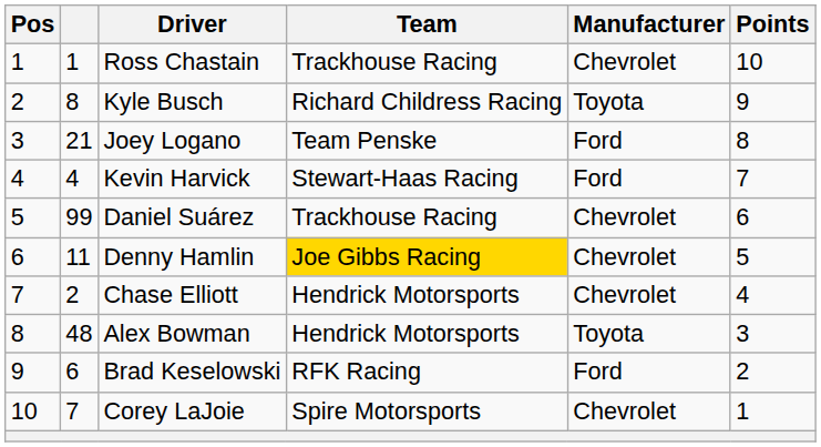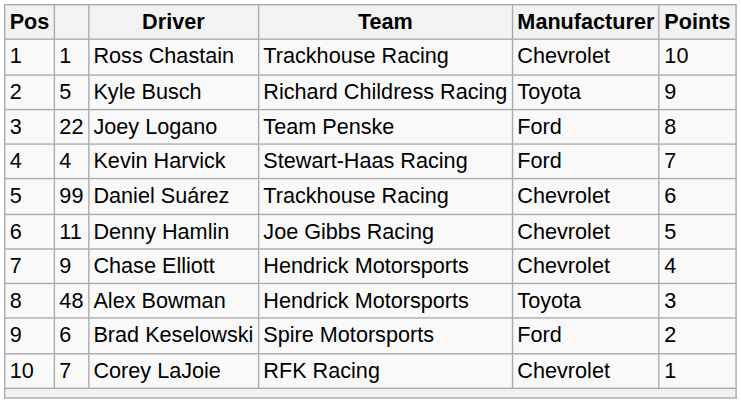 <table class="wikitable" style="font-size:98%">
 <tr>
 <th>Pos</th>
 <th></th>
 <th>Driver</th>
 <th>Team</th>
 <th>Manufacturer</th>
 <th>Points</th>
 </tr>
 <tr>
 <td>1</td>
 <td>1</td>
 <td>Ross Chastain</td>
 <td>Trackhouse Racing</td>
 <td>Chevrolet</td>
 <td>10</td>
 </tr>
 <tr>
 <td>2</td>
-<td>8</td>
+<td>5</td>
 <td>Kyle Busch</td>
 <td>Richard Childress Racing</td>
 <td>Toyota</td>
 <td>9</td>
 </tr>
 <tr>
 <td>3</td>
-<td>21</td>
+<td>22</td>
 <td>Joey Logano</td>
 <td>Team Penske</td>
 <td>Ford</td>
 <td>8</td>
 </tr>
 <tr>
 <td>4</td>
 <td>4</td>
 <td>Kevin Harvick</td>
 <td>Stewart-Haas Racing</td>
 <td>Ford</td>
 <td>7</td>
 </tr>
 <tr>
 <td>5</td>
 <td>99</td>
 <td>Daniel Suárez</td>
 <td>Trackhouse Racing</td>
 <td>Chevrolet</td>
 <td>6</td>
 </tr>
 <tr>
 <td>6</td>
 <td>11</td>
 <td>Denny Hamlin</td>
-<td style="background: gold;">Joe Gibbs Racing</td>
+<td>Joe Gibbs Racing</td>
 <td>Chevrolet</td>
 <td>5</td>
 </tr>
 <tr>
 <td>7</td>
-<td>2</td>
+<td>9</td>
 <td>Chase Elliott</td>
 <td>Hendrick Motorsports</td>
 <td>Chevrolet</td>
 <td>4</td>
 </tr>
 <tr>
 <td>8</td>
 <td>48</td>
 <td>Alex Bowman</td>
 <td>Hendrick Motorsports</td>
 <td>Toyota</td>
 <td>3</td>
 </tr>
 <tr>
 <td>9</td>
 <td>6</td>
 <td>Brad Keselowski</td>
-<td>RFK Racing</td>
+<td>Spire Motorsports</td>
 <td>Ford</td>
 <td>2</td>
 </tr>
 <tr>
 <td>10</td>
 <td>7</td>
 <td>Corey LaJoie</td>
-<td>Spire Motorsports</td>
+<td>RFK Racing</td>
 <td>Chevrolet</td>
 <td>1</td>
 </tr>
 <tr>
 <th colspan="6"></th>
 </tr>
 </table>
